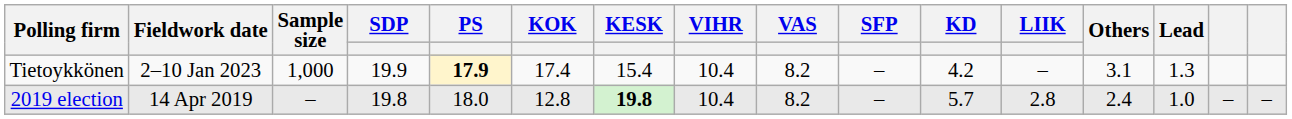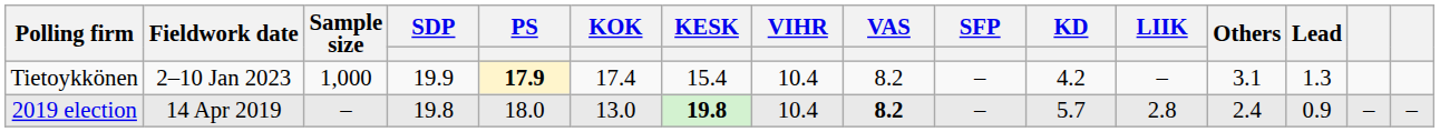 <table class="wikitable sortable mw-datatable" style="text-align:center;font-size:90%;line-height:14px;">
 <tr>
 <th rowspan="2">Polling firm</th>
 <th rowspan="2">Fieldwork date</th>
 <th rowspan="2">Sample<br>size</th>
 <th class="unsortable" style="width:50px;"><a href='#'>SDP</a></th>
 <th class="unsortable" style="width:50px;"><a href='#'>PS</a></th>
 <th class="unsortable" style="width:50px;"><a href='#'>KOK</a></th>
 <th class="unsortable" style="width:50px;"><a href='#'>KESK</a></th>
 <th class="unsortable" style="width:50px;"><a href='#'>VIHR</a></th>
 <th class="unsortable" style="width:50px;"><a href='#'>VAS</a></th>
 <th class="unsortable" style="width:50px;"><a href='#'>SFP</a></th>
 <th class="unsortable" style="width:50px;"><a href='#'>KD</a></th>
 <th class="unsortable" style="width:50px;"><a href='#'>LIIK</a></th>
 <th class="unsortable" style="width:30px;" rowspan="2">Others</th>
 <th class="unsortable" style="width:30px;" rowspan="2">Lead</th>
 <th class="unsortable" style="width:20px;" rowspan="2"></th>
 <th class="unsortable" style="width:20px;" rowspan="2"></th>
 </tr>
 <tr>
 <th data-sort-type="number" style="background:"></th>
 <th data-sort-type="number" style="background:"></th>
 <th data-sort-type="number" style="background:"></th>
 <th data-sort-type="number" style="background:"></th>
 <th data-sort-type="number" style="background:"></th>
 <th data-sort-type="number" style="background:"></th>
 <th data-sort-type="number" style="background:"></th>
 <th data-sort-type="number" style="background:"></th>
 <th data-sort-type="number" style="background:"></th>
 </tr>
 <tr>
 <td>Tietoykkönen</td>
 <td data-sort-value="2023-01-10">2–10 Jan 2023</td>
 <td>1,000</td>
 <td>19.9</td>
 <td style="background:#FFF5CC;"><strong>17.9</strong></td>
 <td>17.4</td>
 <td>15.4</td>
 <td>10.4</td>
 <td>8.2</td>
 <td>–</td>
 <td>4.2</td>
 <td>–</td>
 <td>3.1</td>
 <td style="background:">1.3</td>
 <td></td>
 <td></td>
 </tr>
 <tr style="background:#E9E9E9;">
 <td><a href='#'>2019 election</a></td>
 <td data-sort-value="2019-04-14">14 Apr 2019</td>
 <td>–</td>
 <td>19.8</td>
 <td>18.0</td>
-<td>12.8</td>
+<td>13.0</td>
 <td style="background:#D3F2D0"><strong>19.8</strong></td>
 <td>10.4</td>
-<td>8.2</td>
+<td><strong>8.2</strong></td>
 <td>–</td>
 <td>5.7</td>
 <td>2.8</td>
 <td>2.4</td>
-<td style="background:">1.0</td>
+<td style="background:">0.9</td>
 <td>–</td>
 <td>–</td>
 </tr>
 </table>
